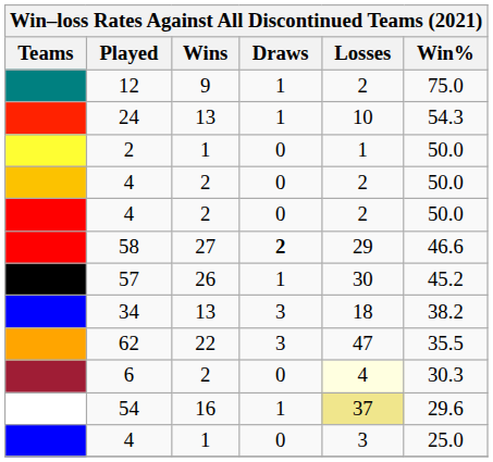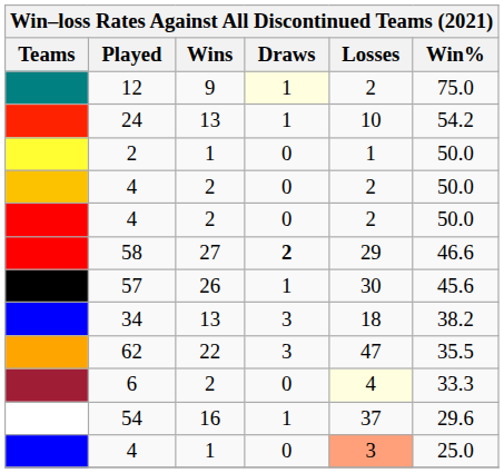 <table class="wikitable sortable" style="text-align:center;">
 <tr>
 <th colspan=10>Win–loss Rates Against All Discontinued Teams (2021)</th>
 </tr>
 <tr>
 <th>Teams</th>
 <th>Played</th>
 <th>Wins</th>
 <th>Draws</th>
 <th>Losses</th>
 <th>Win%</th>
 </tr>
 <tr>
 <td style="background: teal"></td>
 <td>12</td>
 <td>9</td>
-<td>1</td>
+<td style="background: lightyellow;">1</td>
 <td>2</td>
 <td>75.0</td>
 </tr>
 <tr>
 <td style="background: #ff2200"></td>
 <td>24</td>
 <td>13</td>
 <td>1</td>
 <td>10</td>
-<td>54.3</td>
+<td>54.2</td>
 </tr>
 <tr>
 <td style="background: #FEFE33"></td>
 <td>2</td>
 <td>1</td>
 <td>0</td>
 <td>1</td>
 <td>50.0</td>
 </tr>
 <tr>
 <td style="background: #FCC200"></td>
 <td>4</td>
 <td>2</td>
 <td>0</td>
 <td>2</td>
 <td>50.0</td>
 </tr>
 <tr>
 <td style="background: red"></td>
 <td>4</td>
 <td>2</td>
 <td>0</td>
 <td>2</td>
 <td>50.0</td>
 </tr>
 <tr>
 <td style="background: Red"></td>
 <td>58</td>
 <td>27</td>
 <td><strong>2</strong></td>
 <td>29</td>
 <td>46.6</td>
 </tr>
 <tr>
 <td style="background: black"></td>
 <td>57</td>
 <td>26</td>
 <td>1</td>
 <td>30</td>
-<td>45.2</td>
+<td>45.6</td>
 </tr>
 <tr>
 <td style="background: blue"></td>
 <td>34</td>
 <td>13</td>
 <td>3</td>
 <td>18</td>
 <td>38.2</td>
 </tr>
 <tr>
 <td style="background: orange"></td>
 <td>62</td>
 <td>22</td>
 <td>3</td>
 <td>47</td>
 <td>35.5</td>
 </tr>
 <tr>
 <td style="background: #9F1D35"></td>
 <td>6</td>
 <td>2</td>
 <td>0</td>
 <td style="background: lightyellow;">4</td>
-<td>30.3</td>
+<td>33.3</td>
 </tr>
 <tr>
 <td style="background: white"></td>
 <td>54</td>
 <td>16</td>
 <td>1</td>
-<td style="background: khaki;">37</td>
+<td>37</td>
 <td>29.6</td>
 </tr>
 <tr>
 <td style="background: blue"></td>
 <td>4</td>
 <td>1</td>
 <td>0</td>
-<td>3</td>
+<td style="background: lightsalmon;">3</td>
 <td>25.0</td>
 </tr>
 <tr>
 </tr>
 </table>
